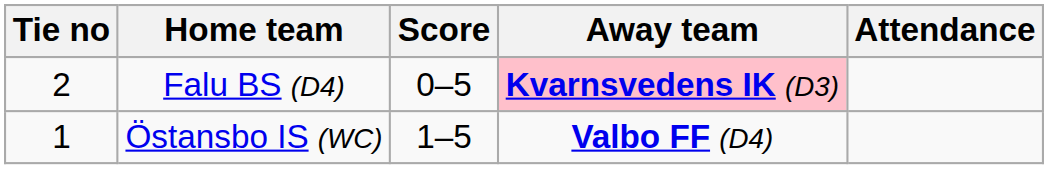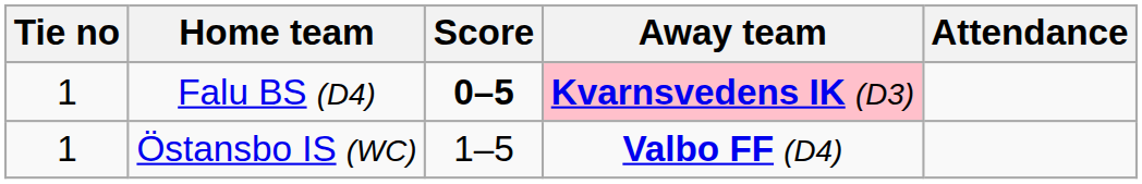 <table class="wikitable" style="text-align:center">
 <tr>
 <th style= style="width:40px;">Tie no</th>
 <th style= style="width:150px;">Home team</th>
 <th style= style="width:60px;">Score</th>
 <th style= style="width:150px;">Away team</th>
 <th style= style="width:30px;">Attendance</th>
 </tr>
 <tr>
-<td>2</td>
+<td>1</td>
 <td><a href='#'>Falu BS</a> <em><small>(D4)</small></em></td>
-<td>0–5</td>
+<td><strong>0–5</strong></td>
 <td style="background: pink;"><strong><a href='#'>Kvarnsvedens IK</a></strong> <em><small>(D3)</small></em></td>
 <td></td>
 </tr>
 <tr>
 <td>1</td>
 <td><a href='#'>Östansbo IS</a> <em><small>(WC)</small></em></td>
 <td>1–5</td>
 <td><strong><a href='#'>Valbo FF</a></strong> <em><small>(D4)</small></em></td>
 <td></td>
 </tr>
 </table>
